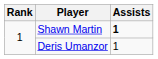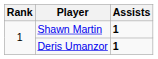 <table class="wikitable" border="1">
 <tr>
 <th>Rank</th>
 <th>Player</th>
 <th>Assists</th>
 </tr>
 <tr>
 <td rowspan="2" align=center>1</td>
 <td><a href='#'>Shawn Martin</a></td>
 <td><strong>1</strong></td>
 </tr>
 <tr>
 <td><a href='#'>Deris Umanzor</a></td>
-<td>1</td>
+<td><strong>1</strong></td>
 </tr>
 </table>
